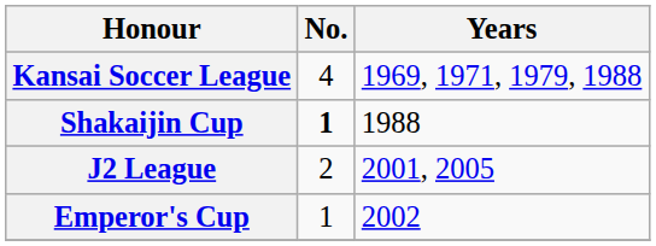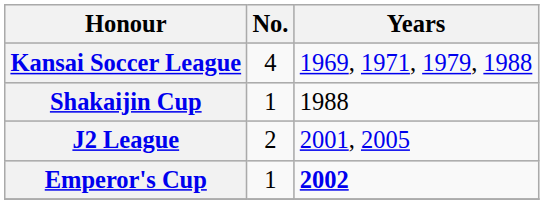 <table class="wikitable plainrowheaders">
 <tr>
 <th scope=col>Honour</th>
 <th scope=col>No.</th>
 <th scope=col>Years</th>
 </tr>
 <tr>
 <th scope=row><a href='#'>Kansai Soccer League</a></th>
 <td align="center">4</td>
 <td><a href='#'>1969</a>, <a href='#'>1971</a>, <a href='#'>1979</a>, <a href='#'>1988</a></td>
 </tr>
 <tr>
 <th scope=row><a href='#'>Shakaijin Cup</a></th>
-<td align="center"><strong>1</strong></td>
+<td align="center">1</td>
 <td>1988</td>
 </tr>
 <tr>
 <th scope=row><a href='#'>J2 League</a></th>
 <td align="center">2</td>
 <td><a href='#'>2001</a>, <a href='#'>2005</a></td>
 </tr>
 <tr>
 <th scope=row><a href='#'>Emperor's Cup</a></th>
 <td align="center">1</td>
-<td><a href='#'>2002</a></td>
+<td><strong><a href='#'>2002</a></strong></td>
 </tr>
 <tr>
 </tr>
 </table>
